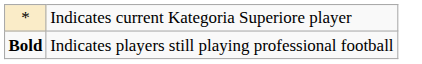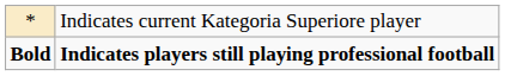 <table class="wikitable">
 <tr>
 <td align=center style="background-color:#faecc8">*</td>
 <td>Indicates current Kategoria Superiore player</td>
 </tr>
 <tr>
 <td><strong>Bold</strong></td>
-<td>Indicates players still playing professional football</td>
+<td><strong>Indicates players still playing professional football</strong></td>
 </tr>
 </table>
